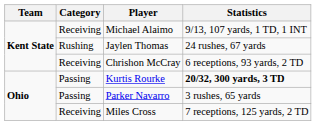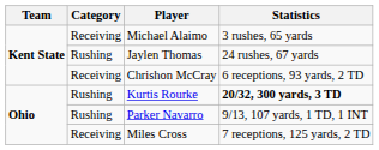 <table class="wikitable" style="float: right;">
 <tr>
 <th>Team</th>
 <th>Category</th>
 <th>Player</th>
 <th>Statistics</th>
 </tr>
 <tr>
 <td rowspan=3><strong>Kent State</strong></td>
 <td>Receiving</td>
 <td>Michael Alaimo</td>
-<td>9/13, 107 yards, 1 TD, 1 INT</td>
+<td>3 rushes, 65 yards</td>
 </tr>
 <tr>
 <td>Rushing</td>
 <td>Jaylen Thomas</td>
 <td>24 rushes, 67 yards</td>
 </tr>
 <tr>
 <td>Receiving</td>
 <td>Chrishon McCray</td>
 <td>6 receptions, 93 yards, 2 TD</td>
 </tr>
 <tr>
 <td rowspan=3><strong>Ohio</strong></td>
-<td>Passing</td>
+<td>Rushing</td>
 <td><a href='#'>Kurtis Rourke</a></td>
 <td><strong>20/32, 300 yards, 3 TD</strong></td>
 </tr>
 <tr>
-<td>Passing</td>
+<td>Rushing</td>
 <td><a href='#'>Parker Navarro</a></td>
-<td>3 rushes, 65 yards</td>
+<td>9/13, 107 yards, 1 TD, 1 INT</td>
 </tr>
 <tr>
 <td>Receiving</td>
 <td>Miles Cross</td>
 <td>7 receptions, 125 yards, 2 TD</td>
 </tr>
 </table>
